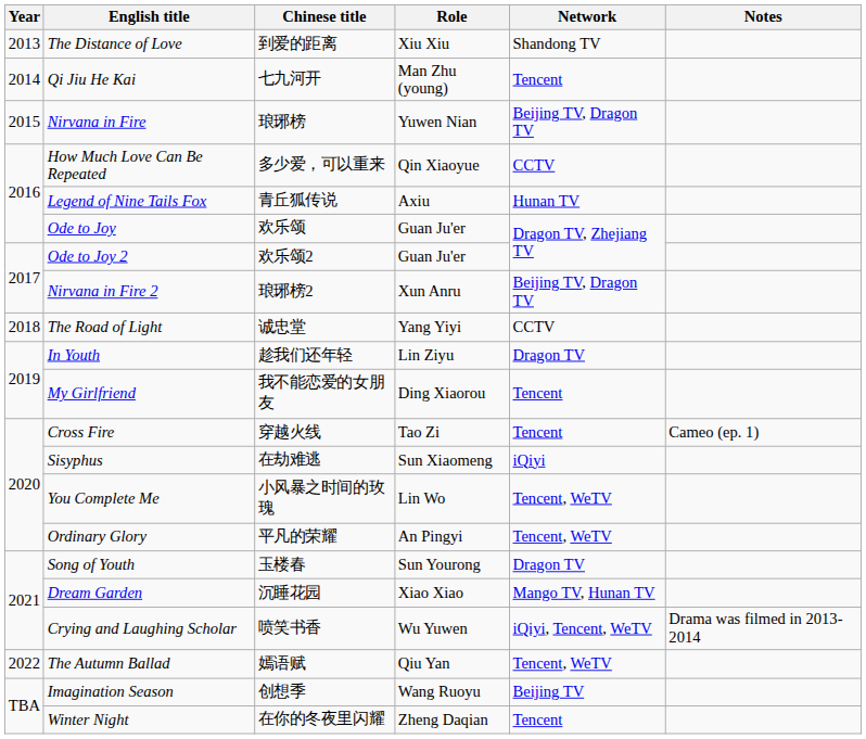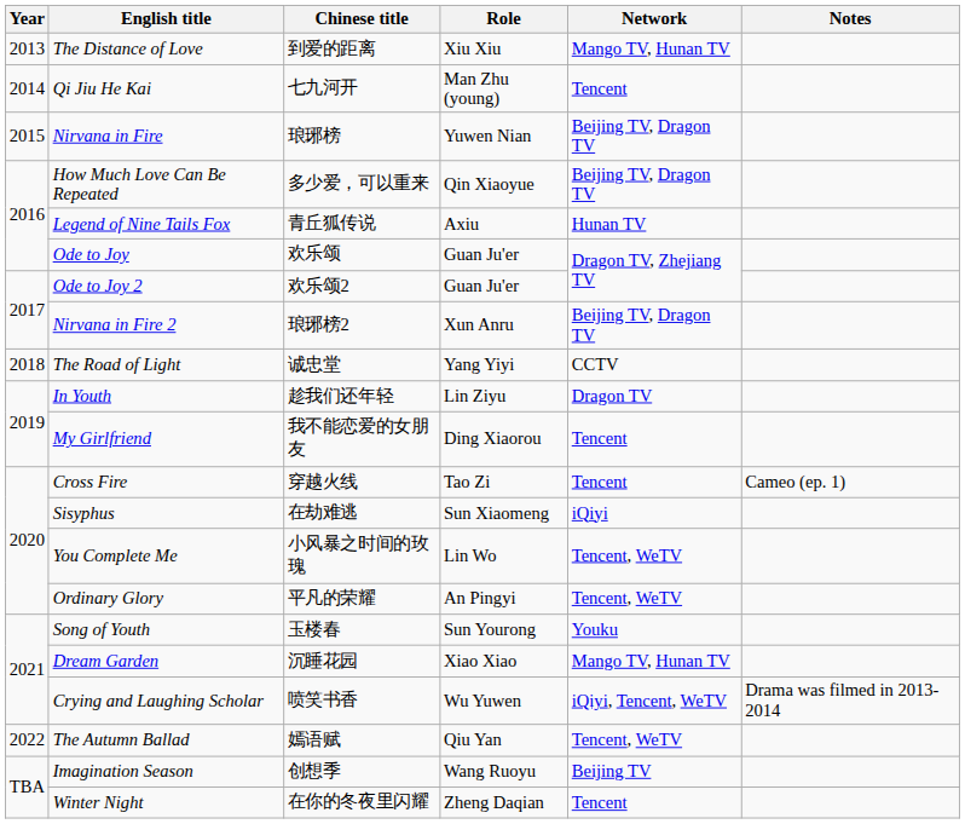 <table class="wikitable">
 <tr>
 <th width=10>Year</th>
 <th>English title</th>
 <th>Chinese title</th>
 <th>Role</th>
 <th>Network</th>
 <th>Notes</th>
 </tr>
 <tr>
 <td>2013</td>
 <td><em>The Distance of Love</em></td>
 <td>到爱的距离</td>
 <td>Xiu Xiu</td>
-<td>Shandong TV</td>
+<td><a href='#'>Mango TV</a>, <a href='#'>Hunan TV</a></td>
 <td></td>
 </tr>
 <tr>
 <td>2014</td>
 <td><em>Qi Jiu He Kai</em></td>
 <td>七九河开</td>
 <td>Man Zhu (young)</td>
 <td><a href='#'>Tencent</a></td>
 <td></td>
 </tr>
 <tr>
 <td>2015</td>
 <td><em><a href='#'>Nirvana in Fire</a></em></td>
 <td>琅琊榜</td>
 <td>Yuwen Nian</td>
 <td><a href='#'>Beijing TV</a>, <a href='#'>Dragon TV</a></td>
 <td></td>
 </tr>
 <tr>
 <td rowspan=3>2016</td>
 <td><em>How Much Love Can Be Repeated</em></td>
 <td>多少爱，可以重来</td>
 <td>Qin Xiaoyue</td>
-<td><a href='#'>CCTV</a></td>
+<td><a href='#'>Beijing TV</a>, <a href='#'>Dragon TV</a></td>
 <td></td>
 </tr>
 <tr>
 <td><em><a href='#'>Legend of Nine Tails Fox</a></em></td>
 <td>青丘狐传说</td>
 <td>Axiu</td>
 <td><a href='#'>Hunan TV</a></td>
 <td></td>
 </tr>
 <tr>
 <td><em><a href='#'>Ode to Joy</a></em></td>
 <td>欢乐颂</td>
 <td>Guan Ju'er</td>
 <td rowspan=2><a href='#'>Dragon TV</a>, <a href='#'>Zhejiang TV</a></td>
 <td></td>
 </tr>
 <tr>
 <td rowspan=2>2017</td>
 <td><em><a href='#'>Ode to Joy 2</a></em></td>
 <td>欢乐颂2</td>
 <td>Guan Ju'er</td>
 <td></td>
 </tr>
 <tr>
 <td><em><a href='#'>Nirvana in Fire 2</a></em></td>
 <td>琅琊榜2</td>
 <td>Xun Anru</td>
 <td><a href='#'>Beijing TV</a>, <a href='#'>Dragon TV</a></td>
 <td></td>
 </tr>
 <tr>
 <td>2018</td>
 <td><em>The Road of Light</em></td>
 <td>诚忠堂</td>
 <td>Yang Yiyi</td>
 <td>CCTV</td>
 <td></td>
 </tr>
 <tr>
 <td rowspan=2>2019</td>
 <td><em><a href='#'>In Youth</a></em></td>
 <td>趁我们还年轻</td>
 <td>Lin Ziyu</td>
 <td><a href='#'>Dragon TV</a></td>
 <td></td>
 </tr>
 <tr>
 <td><em><a href='#'>My Girlfriend</a></em></td>
 <td>我不能恋爱的女朋友</td>
 <td>Ding Xiaorou</td>
 <td><a href='#'>Tencent</a></td>
 <td></td>
 </tr>
 <tr>
 <td rowspan=4>2020</td>
 <td><em>Cross Fire</em></td>
 <td>穿越火线</td>
 <td>Tao Zi</td>
 <td><a href='#'>Tencent</a></td>
 <td>Cameo (ep. 1)</td>
 </tr>
 <tr>
 <td><em>Sisyphus</em></td>
 <td>在劫难逃</td>
 <td>Sun Xiaomeng</td>
 <td><a href='#'>iQiyi</a></td>
 <td></td>
 </tr>
 <tr>
 <td><em>You Complete Me</em></td>
 <td>小风暴之时间的玫瑰</td>
 <td>Lin Wo</td>
 <td><a href='#'>Tencent</a>, <a href='#'>WeTV</a></td>
 <td></td>
 </tr>
 <tr>
 <td><em>Ordinary Glory</em></td>
 <td>平凡的荣耀</td>
 <td>An Pingyi</td>
 <td><a href='#'>Tencent</a>, <a href='#'>WeTV</a></td>
 <td></td>
 </tr>
 <tr>
 <td rowspan=3>2021</td>
 <td><em>Song of Youth</em></td>
 <td>玉楼春</td>
 <td>Sun Yourong</td>
-<td><a href='#'>Dragon TV</a></td>
+<td><a href='#'>Youku</a></td>
 <td></td>
 </tr>
 <tr>
 <td><em><a href='#'>Dream Garden</a></em></td>
 <td>沉睡花园</td>
 <td>Xiao Xiao</td>
 <td><a href='#'>Mango TV</a>, <a href='#'>Hunan TV</a></td>
 <td></td>
 </tr>
 <tr>
 <td><em>Crying and Laughing Scholar</em></td>
 <td>喷笑书香</td>
 <td>Wu Yuwen</td>
 <td><a href='#'>iQiyi</a>, <a href='#'>Tencent</a>, <a href='#'>WeTV</a></td>
 <td>Drama was filmed in 2013-2014 </td>
 </tr>
 <tr>
 <td rowspan=1>2022</td>
 <td><em>The Autumn Ballad</em></td>
 <td>嫣语赋</td>
 <td>Qiu Yan</td>
 <td><a href='#'>Tencent</a>, <a href='#'>WeTV</a></td>
 <td></td>
 </tr>
 <tr>
 <td rowspan=2>TBA</td>
 <td><em>Imagination Season</em></td>
 <td>创想季</td>
 <td>Wang Ruoyu</td>
 <td><a href='#'>Beijing TV</a></td>
 <td></td>
 </tr>
 <tr>
 <td><em>Winter Night</em></td>
 <td>在你的冬夜里闪耀</td>
 <td>Zheng Daqian</td>
 <td><a href='#'>Tencent</a></td>
 <td></td>
 </tr>
 </table>
